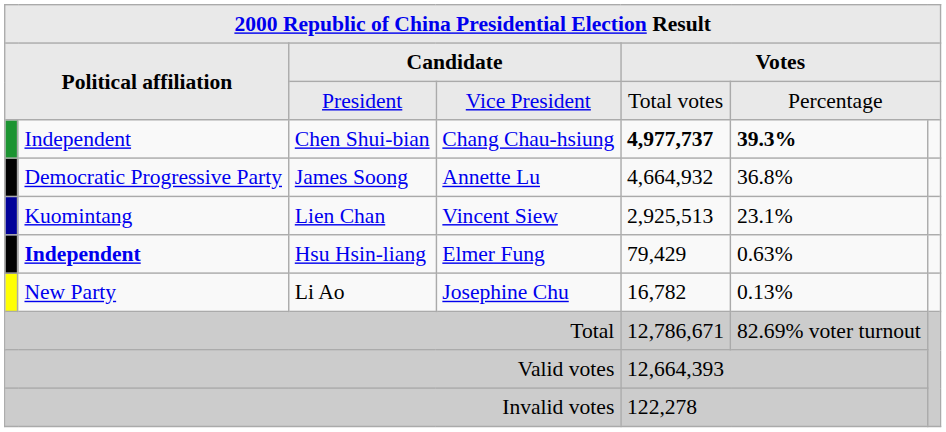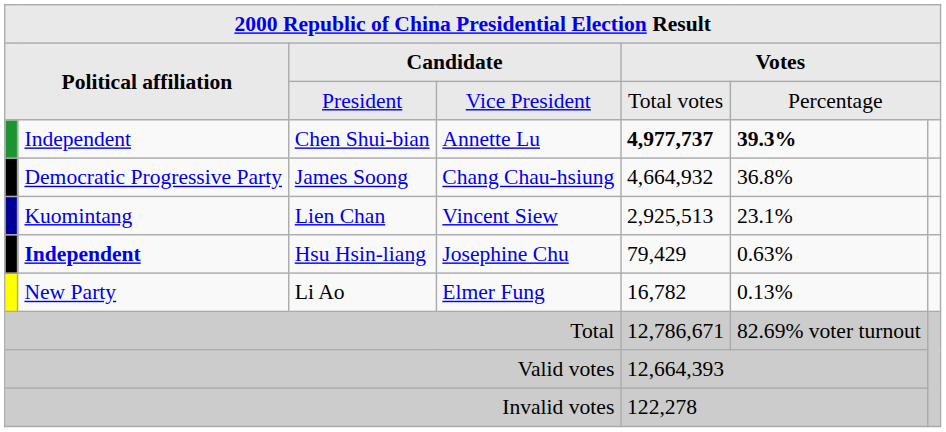 <table border="1" cellpadding="4" cellspacing="1" style="margin:1em auto; background: #f9f9f9; border: 1px #aaa solid; text-align:right; border-collapse: collapse; font-size: 95%;">
 <tr>
 <th style="background-color:#E9E9E9" align=center colspan=7><a href='#'>2000 Republic of China Presidential Election</a> Result</th>
 </tr>
 <tr>
 <th style="background-color:#E9E9E9" align=center rowspan= 2 colspan=2>Political affiliation</th>
 <th style="background-color:#E9E9E9" align=center colspan=2>Candidate</th>
 <th style="background-color:#E9E9E9" align=center colspan=3>Votes</th>
 </tr>
 <tr bgcolor=#E9E9E9>
 <td align="center"><a href='#'>President</a></td>
 <td align="center"><a href='#'>Vice President</a></td>
 <td align="center">Total votes</td>
 <td align="center" colspan=2>Percentage</td>
 </tr>
 <tr>
 <td bgcolor="#1B9431"></td>
 <td align="left"><a href='#'>Independent</a></td>
 <td align="left"><a href='#'>Chen Shui-bian</a></td>
-<td align="left"><a href='#'>Chang Chau-hsiung</a></td>
+<td align="left"><a href='#'>Annette Lu</a></td>
 <td align="left"><strong>4,977,737</strong></td>
 <td align="left"><strong>39.3%</strong></td>
 <td align="left"></td>
 </tr>
 <tr>
 <td bgcolor="#000000"></td>
 <td align=left> <a href='#'>Democratic Progressive Party</a></td>
 <td align="left"><a href='#'>James Soong</a></td>
-<td align="left"><a href='#'>Annette Lu</a></td>
+<td align="left"><a href='#'>Chang Chau-hsiung</a></td>
 <td align="left">4,664,932</td>
 <td align="left">36.8%</td>
 <td align="left"></td>
 </tr>
 <tr>
 <td bgcolor="#000099"></td>
 <td align="left"> <a href='#'>Kuomintang</a></td>
 <td align="left"><a href='#'>Lien Chan</a></td>
 <td align="left"><a href='#'>Vincent Siew</a></td>
 <td align="left">2,925,513</td>
 <td align="left">23.1%</td>
 <td align="left"></td>
 </tr>
 <tr>
 <td bgcolor="#000000"></td>
 <td align="left"><strong><a href='#'>Independent</a></strong></td>
 <td align="left"><a href='#'>Hsu Hsin-liang</a></td>
-<td align="left"><a href='#'>Elmer Fung</a></td>
+<td align="left"><a href='#'>Josephine Chu</a></td>
 <td align="left">79,429</td>
 <td align="left">0.63%</td>
 <td align="left"></td>
 </tr>
 <tr>
 <td bgcolor="#FFFF00"></td>
 <td align="left"><a href='#'>New Party</a></td>
 <td align="left">Li Ao</td>
-<td align="left"><a href='#'>Josephine Chu</a></td>
+<td align="left"><a href='#'>Elmer Fung</a></td>
 <td align="left">16,782</td>
 <td align="left">0.13%</td>
 <td align="left"></td>
 </tr>
 <tr bgcolor=CCCCCC>
 <td colspan="4" align="right">Total</td>
 <td align="left">12,786,671</td>
 <td align="left">82.69% voter turnout</td>
 <td rowspan=3></td>
 </tr>
 <tr bgcolor=CCCCCC>
 <td colspan="4" align="right">Valid votes</td>
 <td colspan="2" align="left">12,664,393</td>
 </tr>
 <tr bgcolor=CCCCCC>
 <td colspan="4" align="right">Invalid votes</td>
 <td colspan="2" align="left">122,278</td>
 </tr>
 </table>
